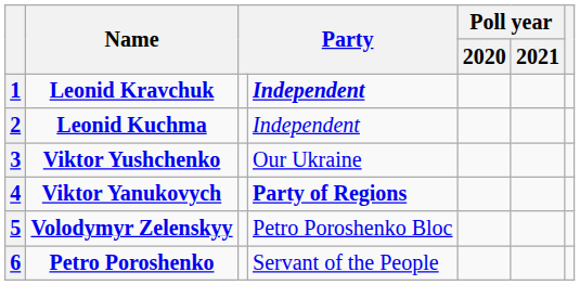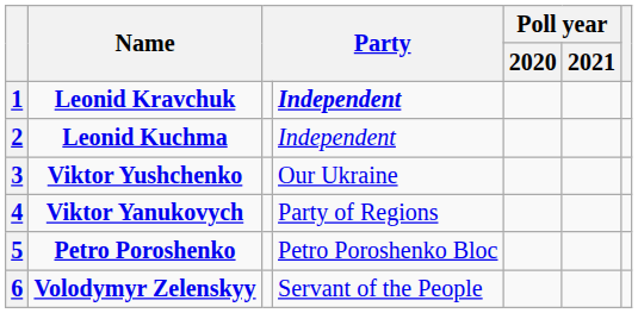 <table class="wikitable sortable" style=text-align:center; id="Table of social poll rankings of the presidents of Ukraine" caption="Tabulated list of social poll rankings of the presidents of Ukraine since 1991">
 <tr>
 <th scope=col rowspan=2></th>
 <th scope=col rowspan=2>Name</th>
 <th colspan="2" scope="col" rowspan=2><a href='#'>Party</a></th>
 <th scope="colgroup" colspan=2 class="nowrap">Poll year</th>
 <th scope=col rowspan=2></th>
 </tr>
 <tr>
 <th scope=col>2020</th>
 <th scope=col>2021</th>
 </tr>
 <tr>
 <th scope=row><a href='#'>1</a></th>
 <td data-sort-value="Kravchuk, Leonid"><strong><a href='#'>Leonid Kravchuk</a></strong></td>
 <td style="background-color:"></td>
 <td align=left><strong><em><a href='#'>Independent</a></em></strong></td>
 <td align=right></td>
 <td align=right></td>
 <td align=right></td>
 </tr>
 <tr>
 <th scope=row><a href='#'>2</a></th>
 <td data-sort-value="Kuchma, Leonid"><strong><a href='#'>Leonid Kuchma</a></strong></td>
 <td style="background-color:"></td>
 <td align=left><em><a href='#'>Independent</a></em></td>
 <td align=right></td>
 <td align=right></td>
 <td align=right></td>
 </tr>
 <tr>
 <th scope=row><a href='#'>3</a></th>
 <td data-sort-value="Yushchenko, Viktor"><strong><a href='#'>Viktor Yushchenko</a></strong></td>
 <td style="background-color:"></td>
 <td align=left><a href='#'>Our Ukraine</a></td>
 <td align=right></td>
 <td align=right></td>
 <td align=right></td>
 </tr>
 <tr>
 <th scope=row><a href='#'>4</a></th>
 <td data-sort-value="Yanukovych, Viktor"><strong><a href='#'>Viktor Yanukovych</a></strong></td>
 <td style="background-color:"></td>
-<td align=left><strong><a href='#'>Party of Regions</a></strong></td>
+<td align=left><a href='#'>Party of Regions</a></td>
 <td align=right></td>
 <td align=right></td>
 <td align=right></td>
 </tr>
 <tr>
 <th scope=row><a href='#'>5</a></th>
-<td data-sort-value="Zelenskyy, Volodymyr"><strong><a href='#'>Volodymyr Zelenskyy</a></strong></td>
+<td data-sort-value="Poroshenko, Petro"><strong><a href='#'>Petro Poroshenko</a></strong></td>
 <td style="background-color:"></td>
 <td align=left><a href='#'>Petro Poroshenko Bloc</a></td>
 <td align=right></td>
 <td align=right></td>
 <td align=right></td>
 </tr>
 <tr>
 <th scope=row><a href='#'>6</a></th>
-<td data-sort-value="Poroshenko, Petro"><strong><a href='#'>Petro Poroshenko</a></strong></td>
+<td data-sort-value="Zelenskyy, Volodymyr"><strong><a href='#'>Volodymyr Zelenskyy</a></strong></td>
 <td style="background-color:"></td>
 <td align=left><a href='#'>Servant of the People</a></td>
 <td align=right></td>
 <td align=right></td>
 <td align=right></td>
 </tr>
 </table>
